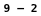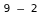 <table style="text-align:center">
 <tr>
 <th width=200></th>
 <th width=100></th>
 <th width=200></th>
 </tr>
 <tr>
 <td align=right><strong></strong></td>
-<td><strong>9 – 2</strong></td>
+<td>9 – 2</td>
 <td align=left></td>
 </tr>
 </table>
